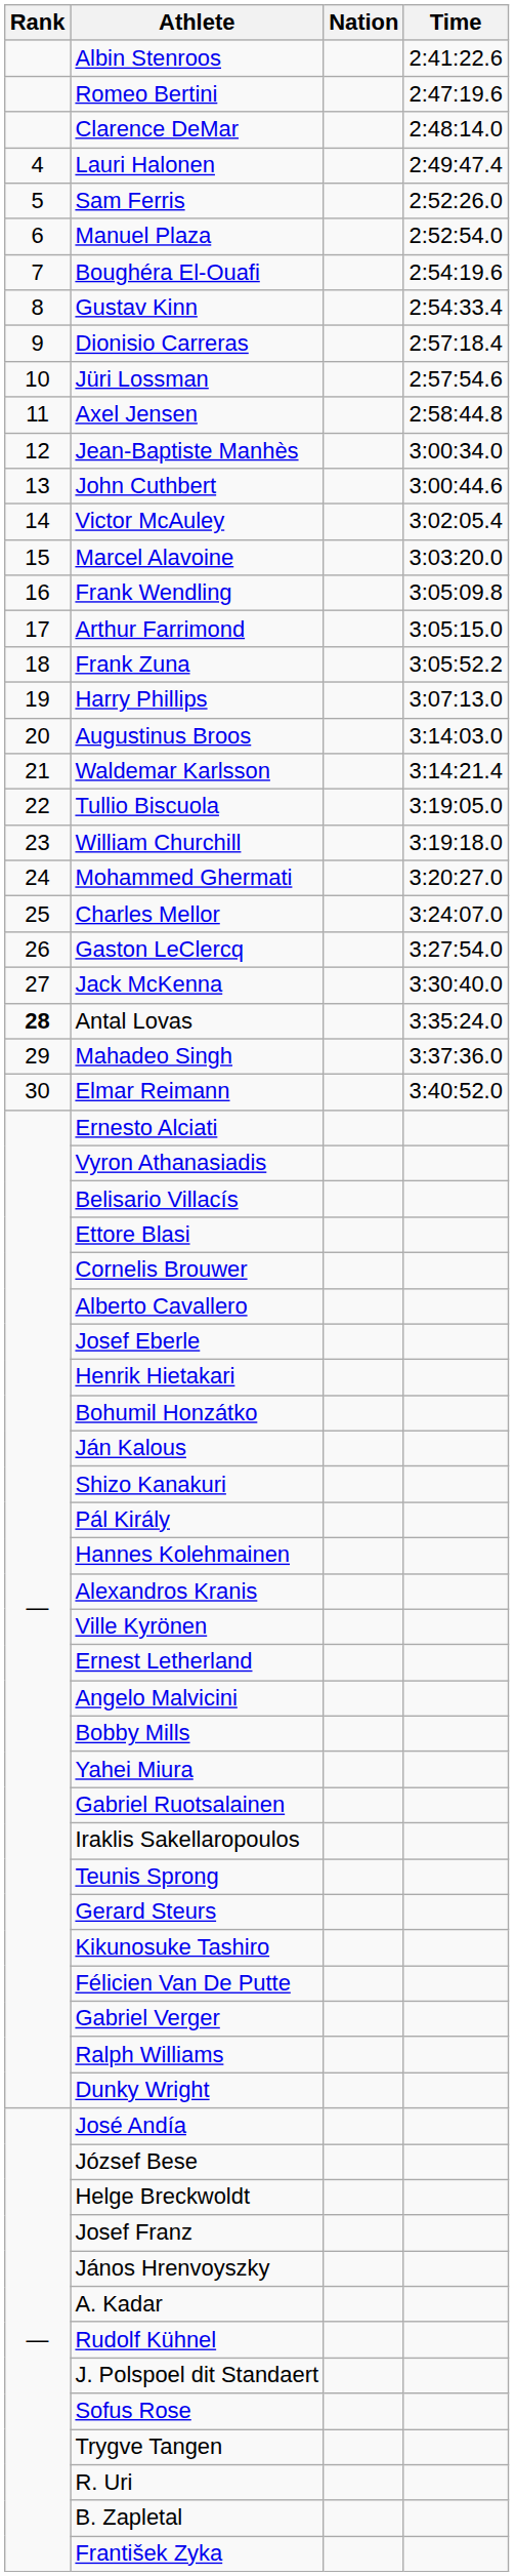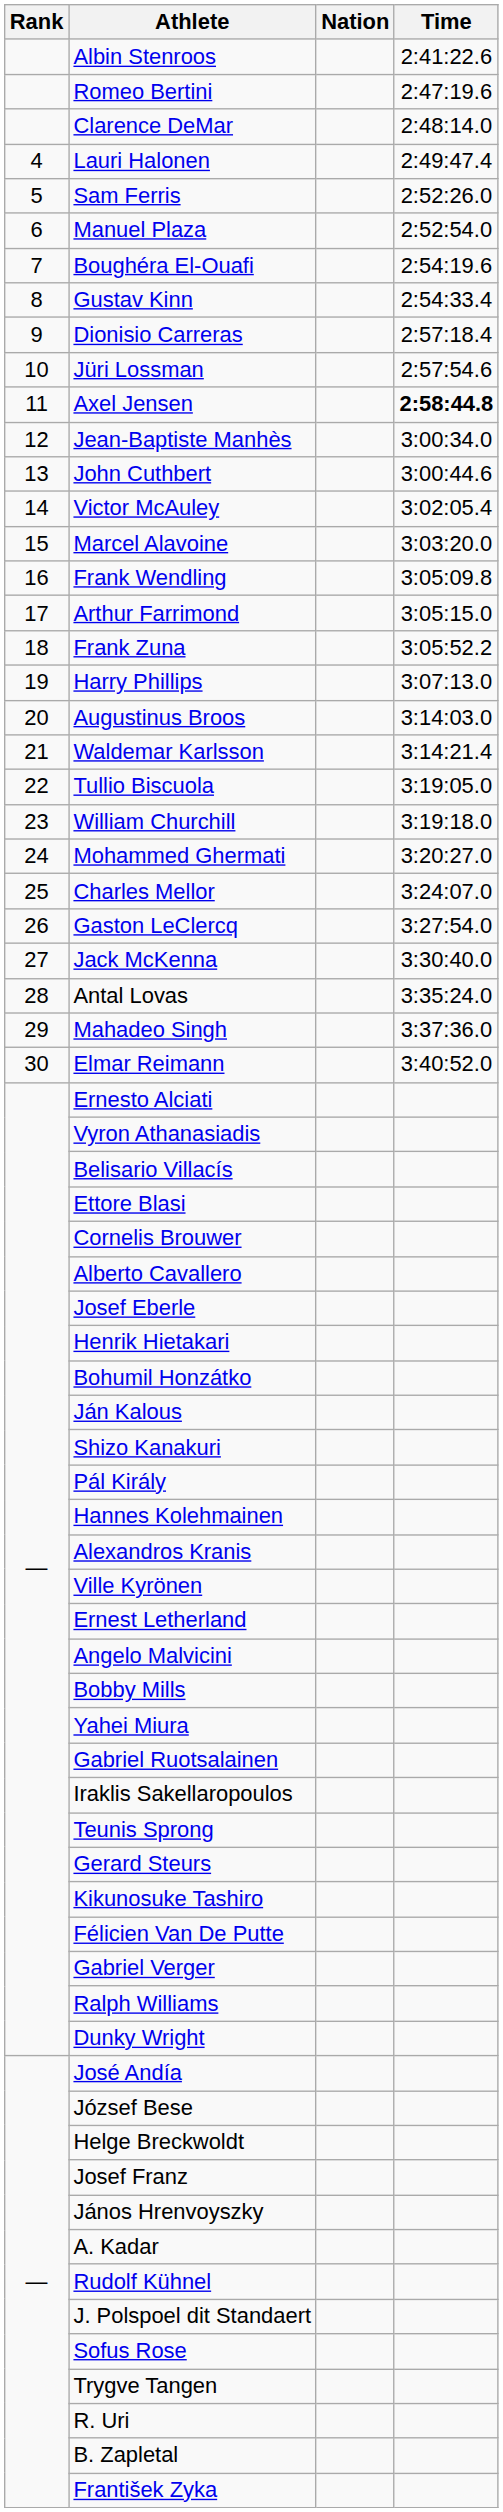 <table class="wikitable" style="text-align:center">
 <tr>
 <th>Rank</th>
 <th>Athlete</th>
 <th>Nation</th>
 <th>Time</th>
 </tr>
 <tr>
 <td></td>
 <td align=left><a href='#'>Albin Stenroos</a></td>
 <td align=left></td>
 <td>2:41:22.6</td>
 </tr>
 <tr>
 <td></td>
 <td align=left><a href='#'>Romeo Bertini</a></td>
 <td align=left></td>
 <td>2:47:19.6</td>
 </tr>
 <tr>
 <td></td>
 <td align=left><a href='#'>Clarence DeMar</a></td>
 <td align=left></td>
 <td>2:48:14.0</td>
 </tr>
 <tr>
 <td>4</td>
 <td align=left><a href='#'>Lauri Halonen</a></td>
 <td align=left></td>
 <td>2:49:47.4</td>
 </tr>
 <tr>
 <td>5</td>
 <td align=left><a href='#'>Sam Ferris</a></td>
 <td align=left></td>
 <td>2:52:26.0</td>
 </tr>
 <tr>
 <td>6</td>
 <td align=left><a href='#'>Manuel Plaza</a></td>
 <td align=left></td>
 <td>2:52:54.0</td>
 </tr>
 <tr>
 <td>7</td>
 <td align=left><a href='#'>Boughéra El-Ouafi</a></td>
 <td align=left></td>
 <td>2:54:19.6</td>
 </tr>
 <tr>
 <td>8</td>
 <td align=left><a href='#'>Gustav Kinn</a></td>
 <td align=left></td>
 <td>2:54:33.4</td>
 </tr>
 <tr>
 <td>9</td>
 <td align=left><a href='#'>Dionisio Carreras</a></td>
 <td align=left></td>
 <td>2:57:18.4</td>
 </tr>
 <tr>
 <td>10</td>
 <td align=left><a href='#'>Jüri Lossman</a></td>
 <td align=left></td>
 <td>2:57:54.6</td>
 </tr>
 <tr>
 <td>11</td>
 <td align=left><a href='#'>Axel Jensen</a></td>
 <td align=left></td>
-<td>2:58:44.8</td>
+<td><strong>2:58:44.8</strong></td>
 </tr>
 <tr>
 <td>12</td>
 <td align=left><a href='#'>Jean-Baptiste Manhès</a></td>
 <td align=left></td>
 <td>3:00:34.0</td>
 </tr>
 <tr>
 <td>13</td>
 <td align=left><a href='#'>John Cuthbert</a></td>
 <td align=left></td>
 <td>3:00:44.6</td>
 </tr>
 <tr>
 <td>14</td>
 <td align=left><a href='#'>Victor McAuley</a></td>
 <td align=left></td>
 <td>3:02:05.4</td>
 </tr>
 <tr>
 <td>15</td>
 <td align=left><a href='#'>Marcel Alavoine</a></td>
 <td align=left></td>
 <td>3:03:20.0</td>
 </tr>
 <tr>
 <td>16</td>
 <td align=left><a href='#'>Frank Wendling</a></td>
 <td align=left></td>
 <td>3:05:09.8</td>
 </tr>
 <tr>
 <td>17</td>
 <td align=left><a href='#'>Arthur Farrimond</a></td>
 <td align=left></td>
 <td>3:05:15.0</td>
 </tr>
 <tr>
 <td>18</td>
 <td align=left><a href='#'>Frank Zuna</a></td>
 <td align=left></td>
 <td>3:05:52.2</td>
 </tr>
 <tr>
 <td>19</td>
 <td align=left><a href='#'>Harry Phillips</a></td>
 <td align=left></td>
 <td>3:07:13.0</td>
 </tr>
 <tr>
 <td>20</td>
 <td align=left><a href='#'>Augustinus Broos</a></td>
 <td align=left></td>
 <td>3:14:03.0</td>
 </tr>
 <tr>
 <td>21</td>
 <td align=left><a href='#'>Waldemar Karlsson</a></td>
 <td align=left></td>
 <td>3:14:21.4</td>
 </tr>
 <tr>
 <td>22</td>
 <td align=left><a href='#'>Tullio Biscuola</a></td>
 <td align=left></td>
 <td>3:19:05.0</td>
 </tr>
 <tr>
 <td>23</td>
 <td align=left><a href='#'>William Churchill</a></td>
 <td align=left></td>
 <td>3:19:18.0</td>
 </tr>
 <tr>
 <td>24</td>
 <td align=left><a href='#'>Mohammed Ghermati</a></td>
 <td align=left></td>
 <td>3:20:27.0</td>
 </tr>
 <tr>
 <td>25</td>
 <td align=left><a href='#'>Charles Mellor</a></td>
 <td align=left></td>
 <td>3:24:07.0</td>
 </tr>
 <tr>
 <td>26</td>
 <td align=left><a href='#'>Gaston LeClercq</a></td>
 <td align=left></td>
 <td>3:27:54.0</td>
 </tr>
 <tr>
 <td>27</td>
 <td align=left><a href='#'>Jack McKenna</a></td>
 <td align=left></td>
 <td>3:30:40.0</td>
 </tr>
 <tr>
-<td><strong>28</strong></td>
+<td>28</td>
 <td align=left>Antal Lovas</td>
 <td align=left></td>
 <td>3:35:24.0</td>
 </tr>
 <tr>
 <td>29</td>
 <td align=left><a href='#'>Mahadeo Singh</a></td>
 <td align=left></td>
 <td>3:37:36.0</td>
 </tr>
 <tr>
 <td>30</td>
 <td align=left><a href='#'>Elmar Reimann</a></td>
 <td align=left></td>
 <td>3:40:52.0</td>
 </tr>
 <tr>
 <td rowspan=28 data-sort-value=31>—</td>
 <td align=left><a href='#'>Ernesto Alciati</a></td>
 <td align=left></td>
 <td data-sort-value=8:99:99></td>
 </tr>
 <tr>
 <td align=left><a href='#'>Vyron Athanasiadis</a></td>
 <td align=left></td>
 <td data-sort-value=8:99:99></td>
 </tr>
 <tr>
 <td align=left><a href='#'>Belisario Villacís</a></td>
 <td align=left></td>
 <td data-sort-value=8:99:99></td>
 </tr>
 <tr>
 <td align=left><a href='#'>Ettore Blasi</a></td>
 <td align=left></td>
 <td data-sort-value=8:99:99></td>
 </tr>
 <tr>
 <td align=left><a href='#'>Cornelis Brouwer</a></td>
 <td align=left></td>
 <td data-sort-value=8:99:99></td>
 </tr>
 <tr>
 <td align=left><a href='#'>Alberto Cavallero</a></td>
 <td align=left></td>
 <td data-sort-value=8:99:99></td>
 </tr>
 <tr>
 <td align=left><a href='#'>Josef Eberle</a></td>
 <td align=left></td>
 <td data-sort-value=8:99:99></td>
 </tr>
 <tr>
 <td align=left><a href='#'>Henrik Hietakari</a></td>
 <td align=left></td>
 <td data-sort-value=8:99:99></td>
 </tr>
 <tr>
 <td align=left><a href='#'>Bohumil Honzátko</a></td>
 <td align=left></td>
 <td data-sort-value=8:99:99></td>
 </tr>
 <tr>
 <td align=left><a href='#'>Ján Kalous</a></td>
 <td align=left></td>
 <td data-sort-value=8:99:99></td>
 </tr>
 <tr>
 <td align=left><a href='#'>Shizo Kanakuri</a></td>
 <td align=left></td>
 <td data-sort-value=8:99:99></td>
 </tr>
 <tr>
 <td align=left><a href='#'>Pál Király</a></td>
 <td align=left></td>
 <td data-sort-value=8:99:99></td>
 </tr>
 <tr>
 <td align=left><a href='#'>Hannes Kolehmainen</a></td>
 <td align=left></td>
 <td data-sort-value=8:99:99></td>
 </tr>
 <tr>
 <td align=left><a href='#'>Alexandros Kranis</a></td>
 <td align=left></td>
 <td data-sort-value=8:99:99></td>
 </tr>
 <tr>
 <td align=left><a href='#'>Ville Kyrönen</a></td>
 <td align=left></td>
 <td data-sort-value=8:99:99></td>
 </tr>
 <tr>
 <td align=left><a href='#'>Ernest Letherland</a></td>
 <td align=left></td>
 <td data-sort-value=8:99:99></td>
 </tr>
 <tr>
 <td align=left><a href='#'>Angelo Malvicini</a></td>
 <td align=left></td>
 <td data-sort-value=8:99:99></td>
 </tr>
 <tr>
 <td align=left><a href='#'>Bobby Mills</a></td>
 <td align=left></td>
 <td data-sort-value=8:99:99></td>
 </tr>
 <tr>
 <td align=left><a href='#'>Yahei Miura</a></td>
 <td align=left></td>
 <td data-sort-value=8:99:99></td>
 </tr>
 <tr>
 <td align=left><a href='#'>Gabriel Ruotsalainen</a></td>
 <td align=left></td>
 <td data-sort-value=8:99:99></td>
 </tr>
 <tr>
 <td align=left>Iraklis Sakellaropoulos</td>
 <td align=left></td>
 <td data-sort-value=8:99:99></td>
 </tr>
 <tr>
 <td align=left><a href='#'>Teunis Sprong</a></td>
 <td align=left></td>
 <td data-sort-value=8:99:99></td>
 </tr>
 <tr>
 <td align=left><a href='#'>Gerard Steurs</a></td>
 <td align=left></td>
 <td data-sort-value=8:99:99></td>
 </tr>
 <tr>
 <td align=left><a href='#'>Kikunosuke Tashiro</a></td>
 <td align=left></td>
 <td data-sort-value=8:99:99></td>
 </tr>
 <tr>
 <td align=left><a href='#'>Félicien Van De Putte</a></td>
 <td align=left></td>
 <td data-sort-value=8:99:99></td>
 </tr>
 <tr>
 <td align=left><a href='#'>Gabriel Verger</a></td>
 <td align=left></td>
 <td data-sort-value=8:99:99></td>
 </tr>
 <tr>
 <td align=left><a href='#'>Ralph Williams</a></td>
 <td align=left></td>
 <td data-sort-value=8:99:99></td>
 </tr>
 <tr>
 <td align=left><a href='#'>Dunky Wright</a></td>
 <td align=left></td>
 <td data-sort-value=8:99:99></td>
 </tr>
 <tr>
 <td rowspan=13 data-sort-value=59>—</td>
 <td align=left><a href='#'>José Andía</a></td>
 <td align=left></td>
 <td data-sort-value=9:99:99></td>
 </tr>
 <tr>
 <td align=left>József Bese</td>
 <td align=left></td>
 <td data-sort-value=9:99:99></td>
 </tr>
 <tr>
 <td align=left>Helge Breckwoldt</td>
 <td align=left></td>
 <td data-sort-value=9:99:99></td>
 </tr>
 <tr>
 <td align=left>Josef Franz</td>
 <td align=left></td>
 <td data-sort-value=9:99:99></td>
 </tr>
 <tr>
 <td align=left>János Hrenvoyszky</td>
 <td align=left></td>
 <td data-sort-value=9:99:99></td>
 </tr>
 <tr>
 <td align=left>A. Kadar</td>
 <td align=left></td>
 <td data-sort-value=9:99:99></td>
 </tr>
 <tr>
 <td align=left><a href='#'>Rudolf Kühnel</a></td>
 <td align=left></td>
 <td data-sort-value=9:99:99></td>
 </tr>
 <tr>
 <td align=left>J. Polspoel dit Standaert</td>
 <td align=left></td>
 <td data-sort-value=9:99:99></td>
 </tr>
 <tr>
 <td align=left><a href='#'>Sofus Rose</a></td>
 <td align=left></td>
 <td data-sort-value=9:99:99></td>
 </tr>
 <tr>
 <td align=left>Trygve Tangen</td>
 <td align=left></td>
 <td data-sort-value=9:99:99></td>
 </tr>
 <tr>
 <td align=left>R. Uri</td>
 <td align=left></td>
 <td data-sort-value=9:99:99></td>
 </tr>
 <tr>
 <td align=left>B. Zapletal</td>
 <td align=left></td>
 <td data-sort-value=9:99:99></td>
 </tr>
 <tr>
 <td align=left><a href='#'>František Zyka</a></td>
 <td align=left></td>
 <td data-sort-value=9:99:99></td>
 </tr>
 </table>
